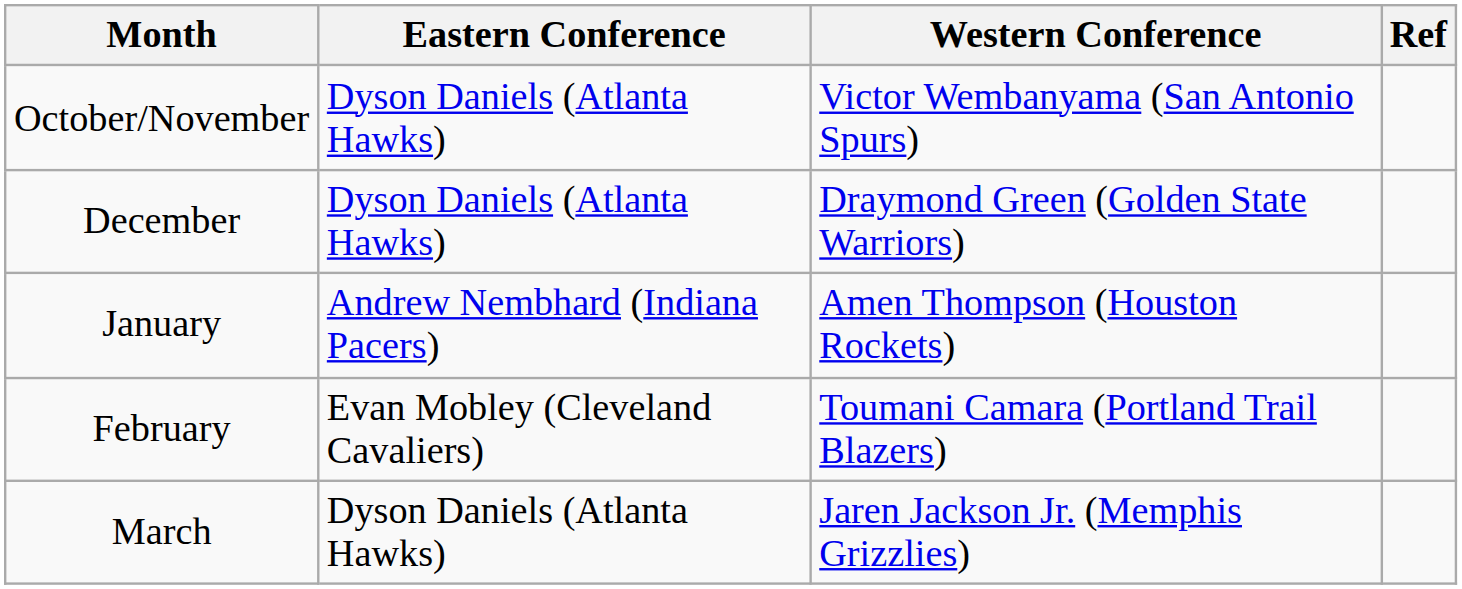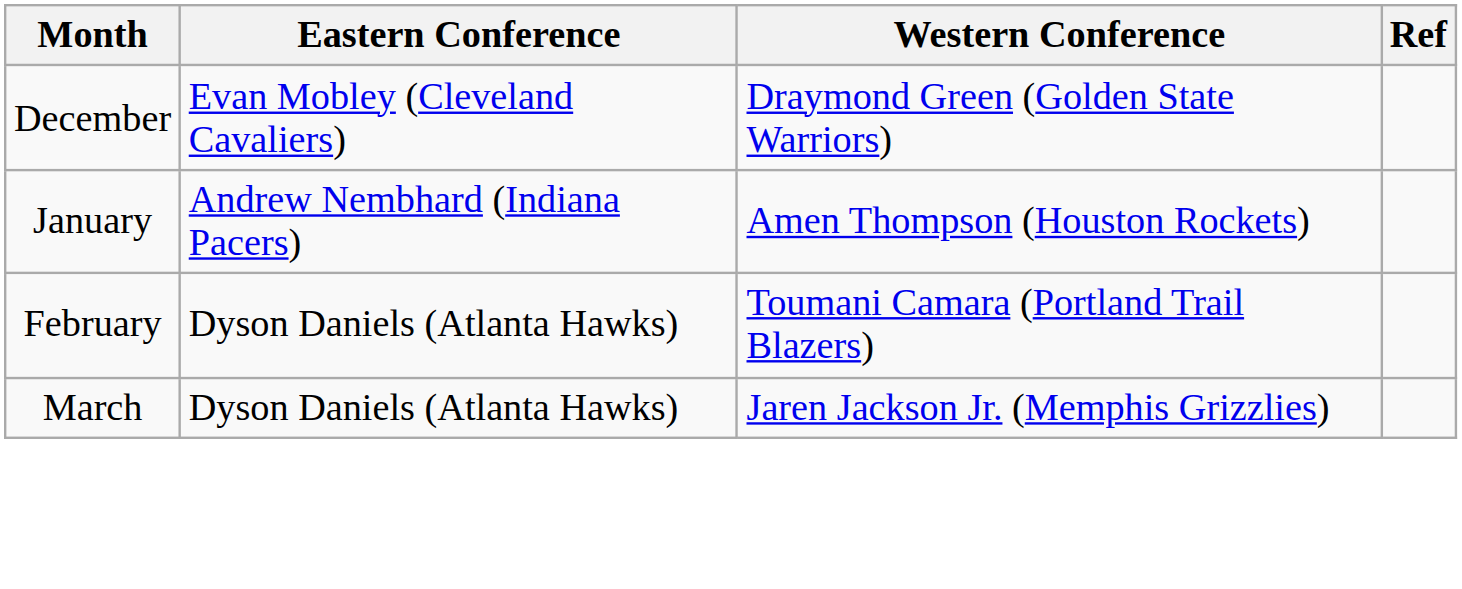 <table class="wikitable sortable" style="text-align:left;">
 <tr>
 <th>Month</th>
 <th>Eastern Conference</th>
 <th>Western Conference</th>
 <th class=unsortable>Ref</th>
 </tr>
 <tr>
-<td style="text-align:center;">October/November</td>
-<td><a href='#'>Dyson Daniels</a> (<a href='#'>Atlanta Hawks</a>) </td>
-<td><a href='#'>Victor Wembanyama</a> (<a href='#'>San Antonio Spurs</a>) </td>
-<td style="text-align:center;"></td>
-</tr>
-<tr>
 <td style="text-align:center;">December</td>
-<td><a href='#'>Dyson Daniels</a> (<a href='#'>Atlanta Hawks</a>) </td>
+<td><a href='#'>Evan Mobley</a> (<a href='#'>Cleveland Cavaliers</a>) </td>
 <td><a href='#'>Draymond Green</a> (<a href='#'>Golden State Warriors</a>) </td>
 <td style="text-align:center;"></td>
 </tr>
 <tr>
 <td style="text-align:center;">January</td>
 <td><a href='#'>Andrew Nembhard</a> (<a href='#'>Indiana Pacers</a>) </td>
 <td><a href='#'>Amen Thompson</a> (<a href='#'>Houston Rockets</a>) </td>
 <td style="text-align:center;"></td>
 </tr>
 <tr>
 <td style="text-align:center;">February</td>
-<td>Evan Mobley (Cleveland Cavaliers) </td>
+<td>Dyson Daniels (Atlanta Hawks) </td>
 <td><a href='#'>Toumani Camara</a> (<a href='#'>Portland Trail Blazers</a>) </td>
 <td style="text-align:center;"></td>
 </tr>
 <tr>
 <td style="text-align:center;'">March</td>
 <td>Dyson Daniels (Atlanta Hawks) </td>
 <td><a href='#'>Jaren Jackson Jr.</a> (<a href='#'>Memphis Grizzlies</a>) </td>
 <td style="text-align:center;"></td>
 </tr>
 </table>
